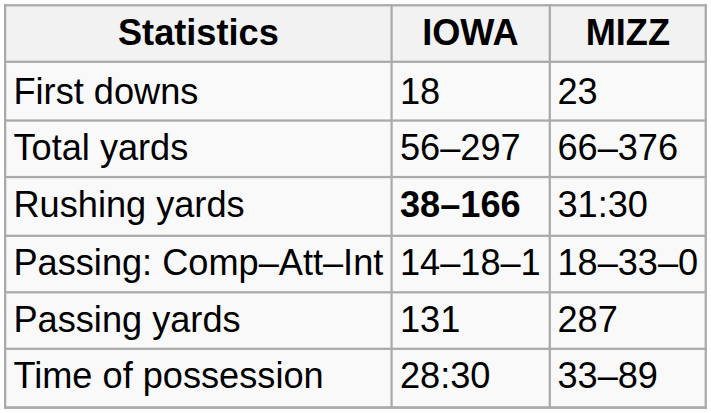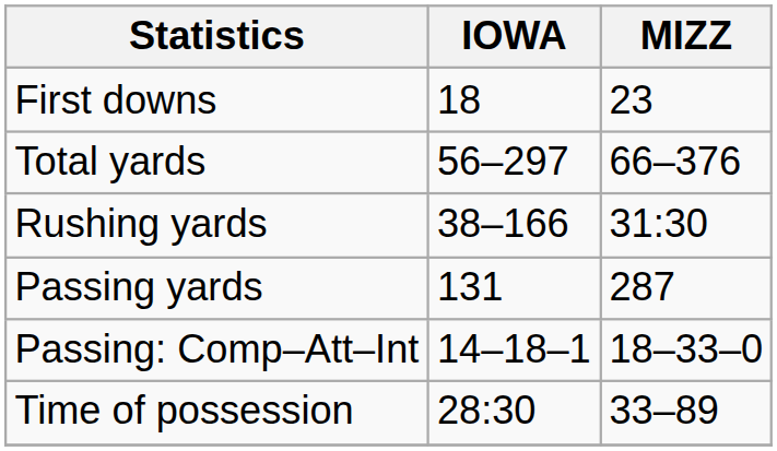 <table class="wikitable" style="float: left;">
 <tr>
 <th>Statistics</th>
 <th>IOWA</th>
 <th>MIZZ</th>
 </tr>
 <tr>
 <td>First downs</td>
 <td>18</td>
 <td>23</td>
 </tr>
 <tr>
 <td>Total yards</td>
 <td>56–297</td>
 <td>66–376</td>
 </tr>
 <tr>
 <td>Rushing yards</td>
-<td><strong>38–166</strong></td>
+<td>38–166</td>
 <td>31:30</td>
+</tr>
+<tr>
+<td>Passing yards</td>
+<td>131</td>
+<td>287</td>
 </tr>
 <tr>
 <td>Passing: Comp–Att–Int</td>
 <td>14–18–1</td>
 <td>18–33–0</td>
-</tr>
-<tr>
-<td>Passing yards</td>
-<td>131</td>
-<td>287</td>
 </tr>
 <tr>
 <td>Time of possession</td>
 <td>28:30</td>
 <td>33–89</td>
 </tr>
 <tr>
 </tr>
 </table>
